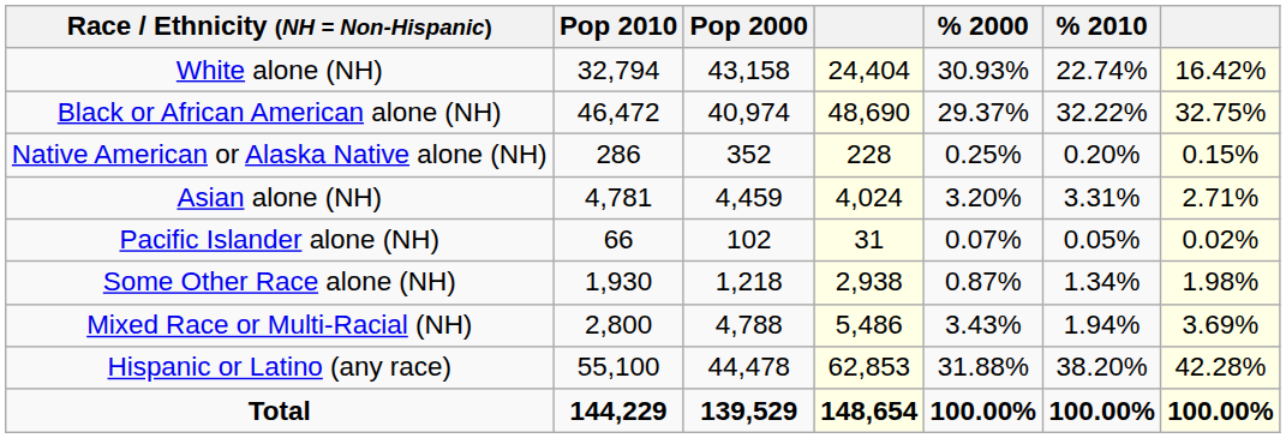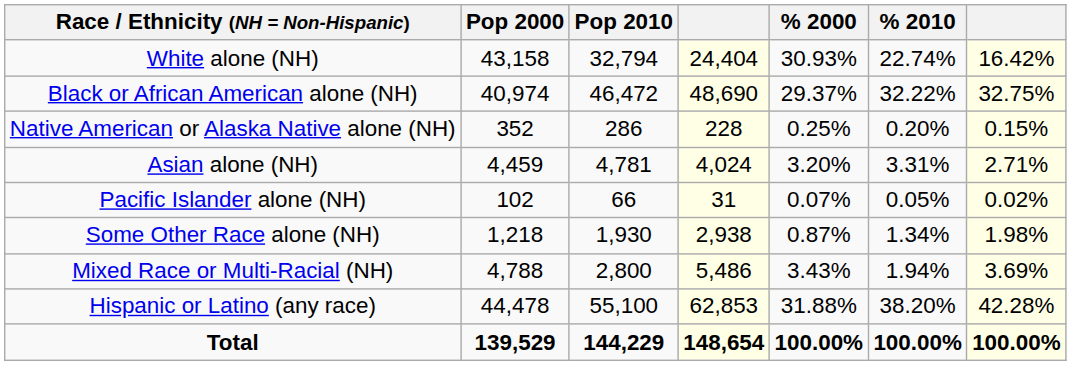 <table class="wikitable" style="text-align:center;">
 <tr>
 <th>Race / Ethnicity <small>(<em>NH = Non-Hispanic</em>)</small></th>
+<th>Pop 2000</th>
 <th>Pop 2010</th>
-<th>Pop 2000</th>
 <th></th>
 <th>% 2000</th>
 <th>% 2010</th>
 <th></th>
 </tr>
 <tr>
 <td><a href='#'>White</a> alone (NH)</td>
+<td>43,158</td>
 <td>32,794</td>
-<td>43,158</td>
 <td style='background: #ffffe6;'>24,404</td>
 <td>30.93%</td>
 <td>22.74%</td>
 <td style='background: #ffffe6;'>16.42%</td>
 </tr>
 <tr>
 <td><a href='#'>Black or African American</a> alone (NH)</td>
+<td>40,974</td>
 <td>46,472</td>
-<td>40,974</td>
 <td style='background: #ffffe6;'>48,690</td>
 <td>29.37%</td>
 <td>32.22%</td>
 <td style='background: #ffffe6;'>32.75%</td>
 </tr>
 <tr>
 <td><a href='#'>Native American</a> or <a href='#'>Alaska Native</a> alone (NH)</td>
+<td>352</td>
 <td>286</td>
-<td>352</td>
 <td style='background: #ffffe6;'>228</td>
 <td>0.25%</td>
 <td>0.20%</td>
 <td style='background: #ffffe6;'>0.15%</td>
 </tr>
 <tr>
 <td><a href='#'>Asian</a> alone (NH)</td>
+<td>4,459</td>
 <td>4,781</td>
-<td>4,459</td>
 <td style='background: #ffffe6;'>4,024</td>
 <td>3.20%</td>
 <td>3.31%</td>
 <td style='background: #ffffe6;'>2.71%</td>
 </tr>
 <tr>
 <td><a href='#'>Pacific Islander</a> alone (NH)</td>
+<td>102</td>
 <td>66</td>
-<td>102</td>
 <td style='background: #ffffe6;'>31</td>
 <td>0.07%</td>
 <td>0.05%</td>
 <td style='background: #ffffe6;'>0.02%</td>
 </tr>
 <tr>
 <td><a href='#'>Some Other Race</a> alone (NH)</td>
+<td>1,218</td>
 <td>1,930</td>
-<td>1,218</td>
 <td style='background: #ffffe6;'>2,938</td>
 <td>0.87%</td>
 <td>1.34%</td>
 <td style='background: #ffffe6;'>1.98%</td>
 </tr>
 <tr>
 <td><a href='#'>Mixed Race or Multi-Racial</a> (NH)</td>
+<td>4,788</td>
 <td>2,800</td>
-<td>4,788</td>
 <td style='background: #ffffe6;'>5,486</td>
 <td>3.43%</td>
 <td>1.94%</td>
 <td style='background: #ffffe6;'>3.69%</td>
 </tr>
 <tr>
 <td><a href='#'>Hispanic or Latino</a> (any race)</td>
+<td>44,478</td>
 <td>55,100</td>
-<td>44,478</td>
 <td style='background: #ffffe6;'>62,853</td>
 <td>31.88%</td>
 <td>38.20%</td>
 <td style='background: #ffffe6;'>42.28%</td>
 </tr>
 <tr>
 <td><strong>Total</strong></td>
+<td><strong>139,529</strong></td>
 <td><strong>144,229</strong></td>
-<td><strong>139,529</strong></td>
 <td style='background: #ffffe6;'><strong>148,654</strong></td>
 <td><strong>100.00%</strong></td>
 <td><strong>100.00%</strong></td>
 <td style='background: #ffffe6;'><strong>100.00%</strong></td>
 </tr>
 </table>
